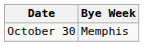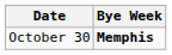 <table class="wikitable" style="font-size:95%;">
 <tr>
 <th>Date</th>
 <th colspan="1">Bye Week</th>
 </tr>
 <tr>
 <td>October 30</td>
-<td>Memphis</td>
+<td><strong>Memphis</strong></td>
 </tr>
 </table>
